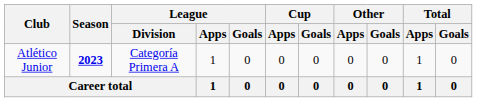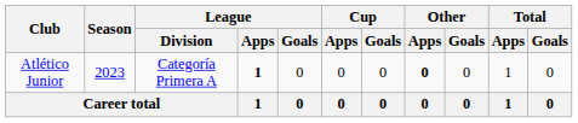 <table class=wikitable style=text-align:center>
 <tr>
 <th rowspan=2>Club</th>
 <th rowspan=2>Season</th>
 <th colspan=3>League</th>
 <th colspan=2>Cup</th>
 <th colspan=2>Other</th>
 <th colspan=2>Total</th>
 </tr>
 <tr>
 <th>Division</th>
 <th>Apps</th>
 <th>Goals</th>
 <th>Apps</th>
 <th>Goals</th>
 <th>Apps</th>
 <th>Goals</th>
 <th>Apps</th>
 <th>Goals</th>
 </tr>
 <tr>
 <td><a href='#'>Atlético Junior</a></td>
-<td><strong><a href='#'>2023</a></strong></td>
+<td><a href='#'>2023</a></td>
 <td><a href='#'>Categoría Primera A</a></td>
-<td>1</td>
+<td><strong>1</strong></td>
 <td>0</td>
 <td>0</td>
 <td>0</td>
-<td>0</td>
+<td><strong>0</strong></td>
 <td>0</td>
 <td>1</td>
 <td>0</td>
 </tr>
 <tr>
 <th colspan=3>Career total</th>
 <th>1</th>
 <th>0</th>
 <th>0</th>
 <th>0</th>
 <th>0</th>
 <th>0</th>
 <th>1</th>
 <th>0</th>
 </tr>
 </table>
